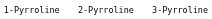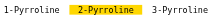 <table>
 <tr align="center" valign="top">
 <td></td>
 <td></td>
 <td></td>
 </tr>
 <tr align="center">
 <td style="padding: 0 1em 0 1em;">1-Pyrroline</td>
-<td style="padding: 0 1em 0 1em;">2-Pyrroline</td>
+<td style="background: gold; padding: 0 1em 0 1em;">2-Pyrroline</td>
 <td style="padding: 0 1em 0 1em;">3-Pyrroline</td>
 </tr>
 </table>
